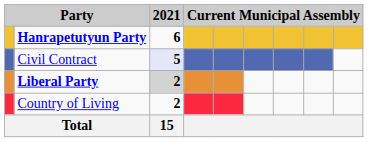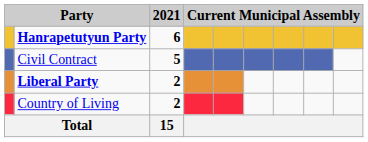 <table class="wikitable">
 <tr>
 <th colspan="2" style="background:#ccc">Party</th>
 <th style="background:#ccc">2021</th>
 <th colspan="14" style="background:#ccc">Current Municipal Assembly</th>
 </tr>
 <tr>
 <td style="background-color: #f1c232"> </td>
 <td><strong><a href='#'>Hanrapetutyun Party</a></strong></td>
 <td style="text-align: right"><strong>6</strong></td>
 <td style="background-color: #f1c232"></td>
 <td style="background-color: #f1c232"> </td>
 <td style="background-color: #f1c232"> </td>
 <td style="background-color: #f1c232"> </td>
 <td style="background-color: #f1c232"> </td>
 <td style="background-color: #f1c232"> </td>
 </tr>
 <tr>
 <td style="background-color: #5169B1"> </td>
 <td><a href='#'>Civil Contract</a></td>
-<td style="background: lavender; text-align: right"><strong>5</strong></td>
+<td style="text-align: right"><strong>5</strong></td>
 <td style="background-color: #5169B1"></td>
 <td style="background-color: #5169B1"> </td>
 <td style="background-color: #5169B1"> </td>
 <td style="background-color: #5169B1"> </td>
 <td style="background-color: #5169B1"> </td>
 <td></td>
 </tr>
 <tr>
 <td style="background-color: #E69138"> </td>
 <td><a href='#'><strong>Liberal Party</strong></a></td>
-<td style="background: lightgrey; text-align: right"><strong>2</strong></td>
+<td style="text-align: right"><strong>2</strong></td>
 <td style="background-color: #E69138"> </td>
 <td style="background-color: #E69138"> </td>
 <td></td>
 <td></td>
 <td></td>
 <td></td>
 </tr>
 <tr>
 <td style="background-color: #FC283F"> </td>
 <td><a href='#'>Country of Living</a></td>
 <td style="text-align: right"><strong>2</strong></td>
 <td style="background-color: #FC283F"></td>
 <td style="background-color: #FC283F"> </td>
 <td></td>
 <td></td>
 <td></td>
 <td></td>
 </tr>
 <tr>
 <th colspan="2">Total</th>
 <th align="right">15</th>
 <th colspan="14"> </th>
 </tr>
 </table>
